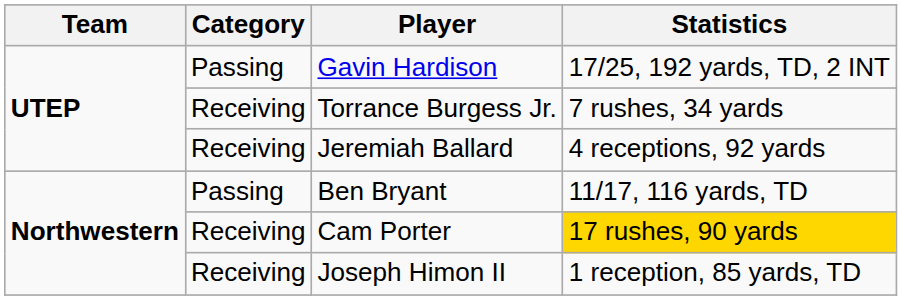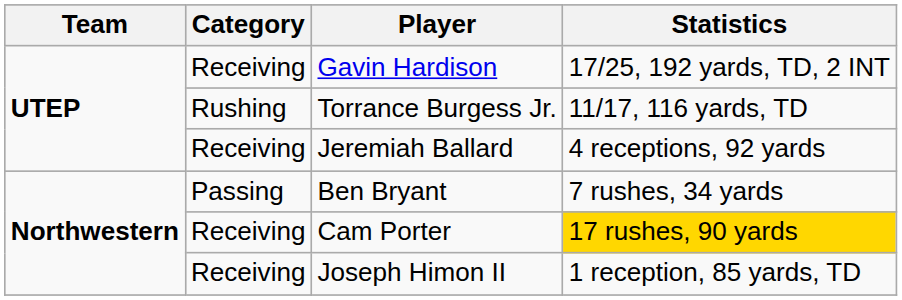 <table class="wikitable" style="float: left;">
 <tr>
 <th>Team</th>
 <th>Category</th>
 <th>Player</th>
 <th>Statistics</th>
 </tr>
 <tr>
 <td rowspan=3><strong>UTEP</strong></td>
-<td>Passing</td>
+<td>Receiving</td>
 <td><a href='#'>Gavin Hardison</a></td>
 <td>17/25, 192 yards, TD, 2 INT</td>
 </tr>
 <tr>
-<td>Receiving</td>
+<td>Rushing</td>
 <td>Torrance Burgess Jr.</td>
-<td>7 rushes, 34 yards</td>
+<td>11/17, 116 yards, TD</td>
 </tr>
 <tr>
 <td>Receiving</td>
 <td>Jeremiah Ballard</td>
 <td>4 receptions, 92 yards</td>
 </tr>
 <tr>
 <td rowspan=3><strong>Northwestern</strong></td>
 <td>Passing</td>
 <td>Ben Bryant</td>
-<td>11/17, 116 yards, TD</td>
+<td>7 rushes, 34 yards</td>
 </tr>
 <tr>
 <td>Receiving</td>
 <td>Cam Porter</td>
 <td style="background: gold;">17 rushes, 90 yards</td>
 </tr>
 <tr>
 <td>Receiving</td>
 <td>Joseph Himon II</td>
 <td>1 reception, 85 yards, TD</td>
 </tr>
 </table>
